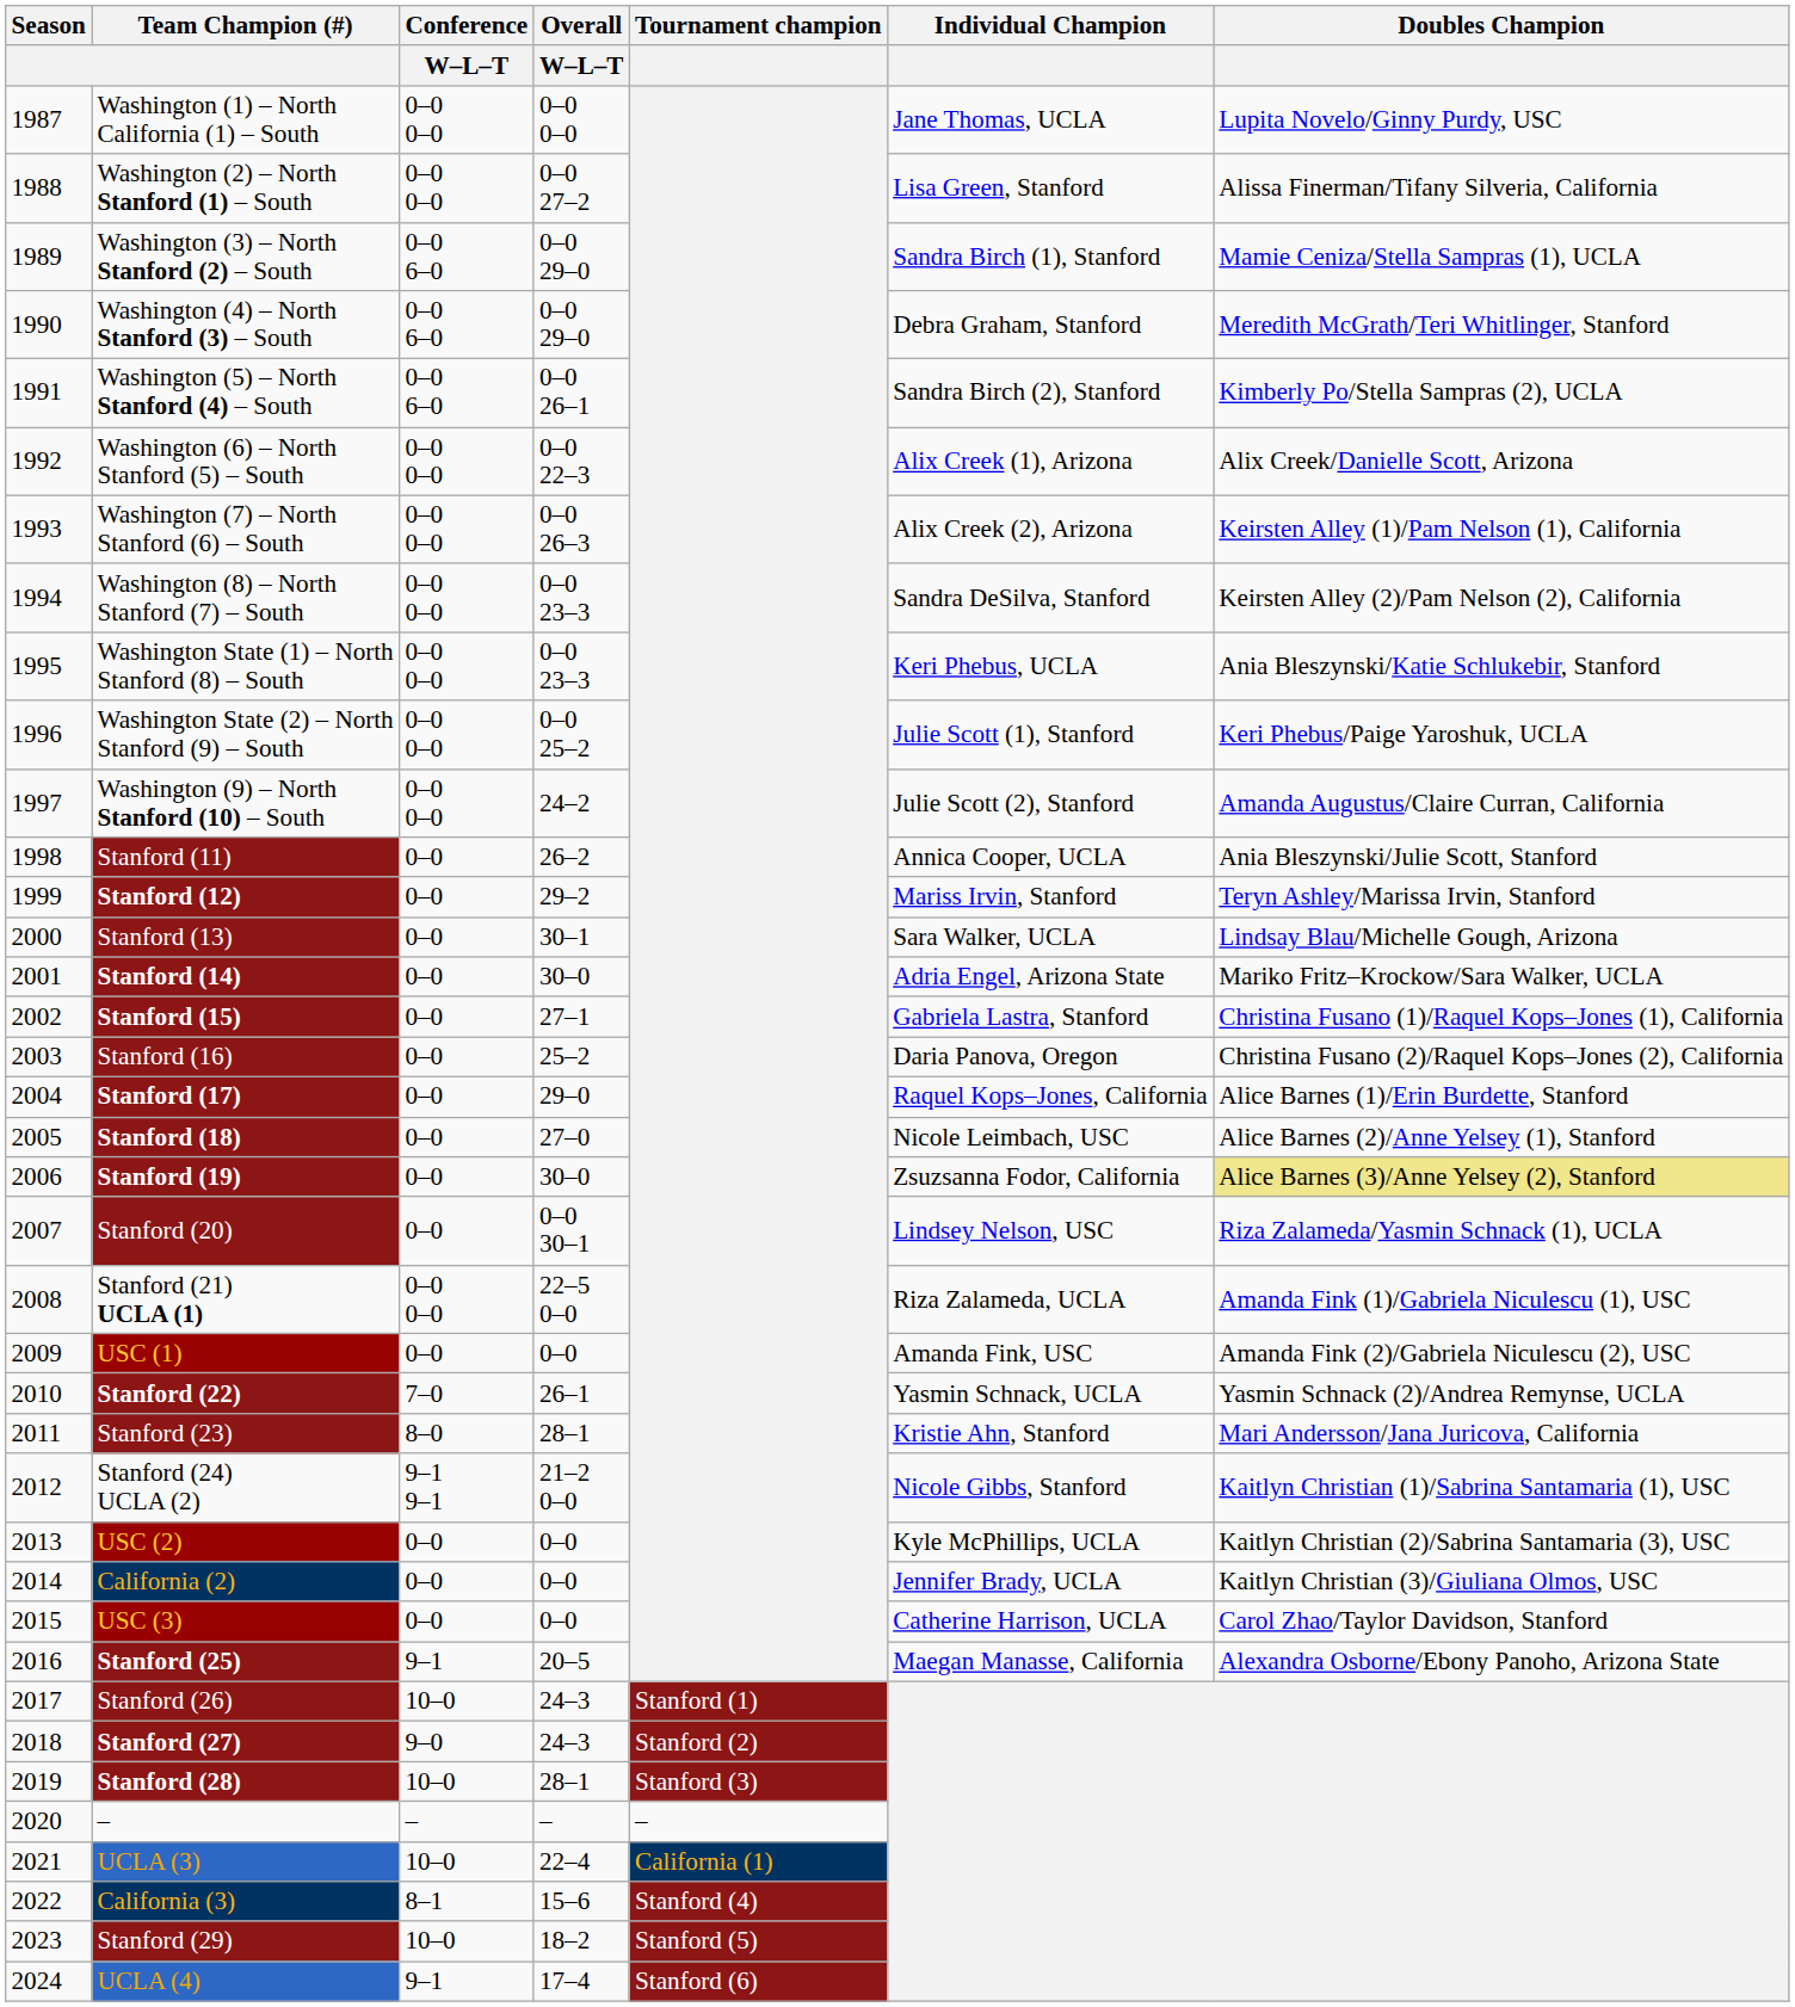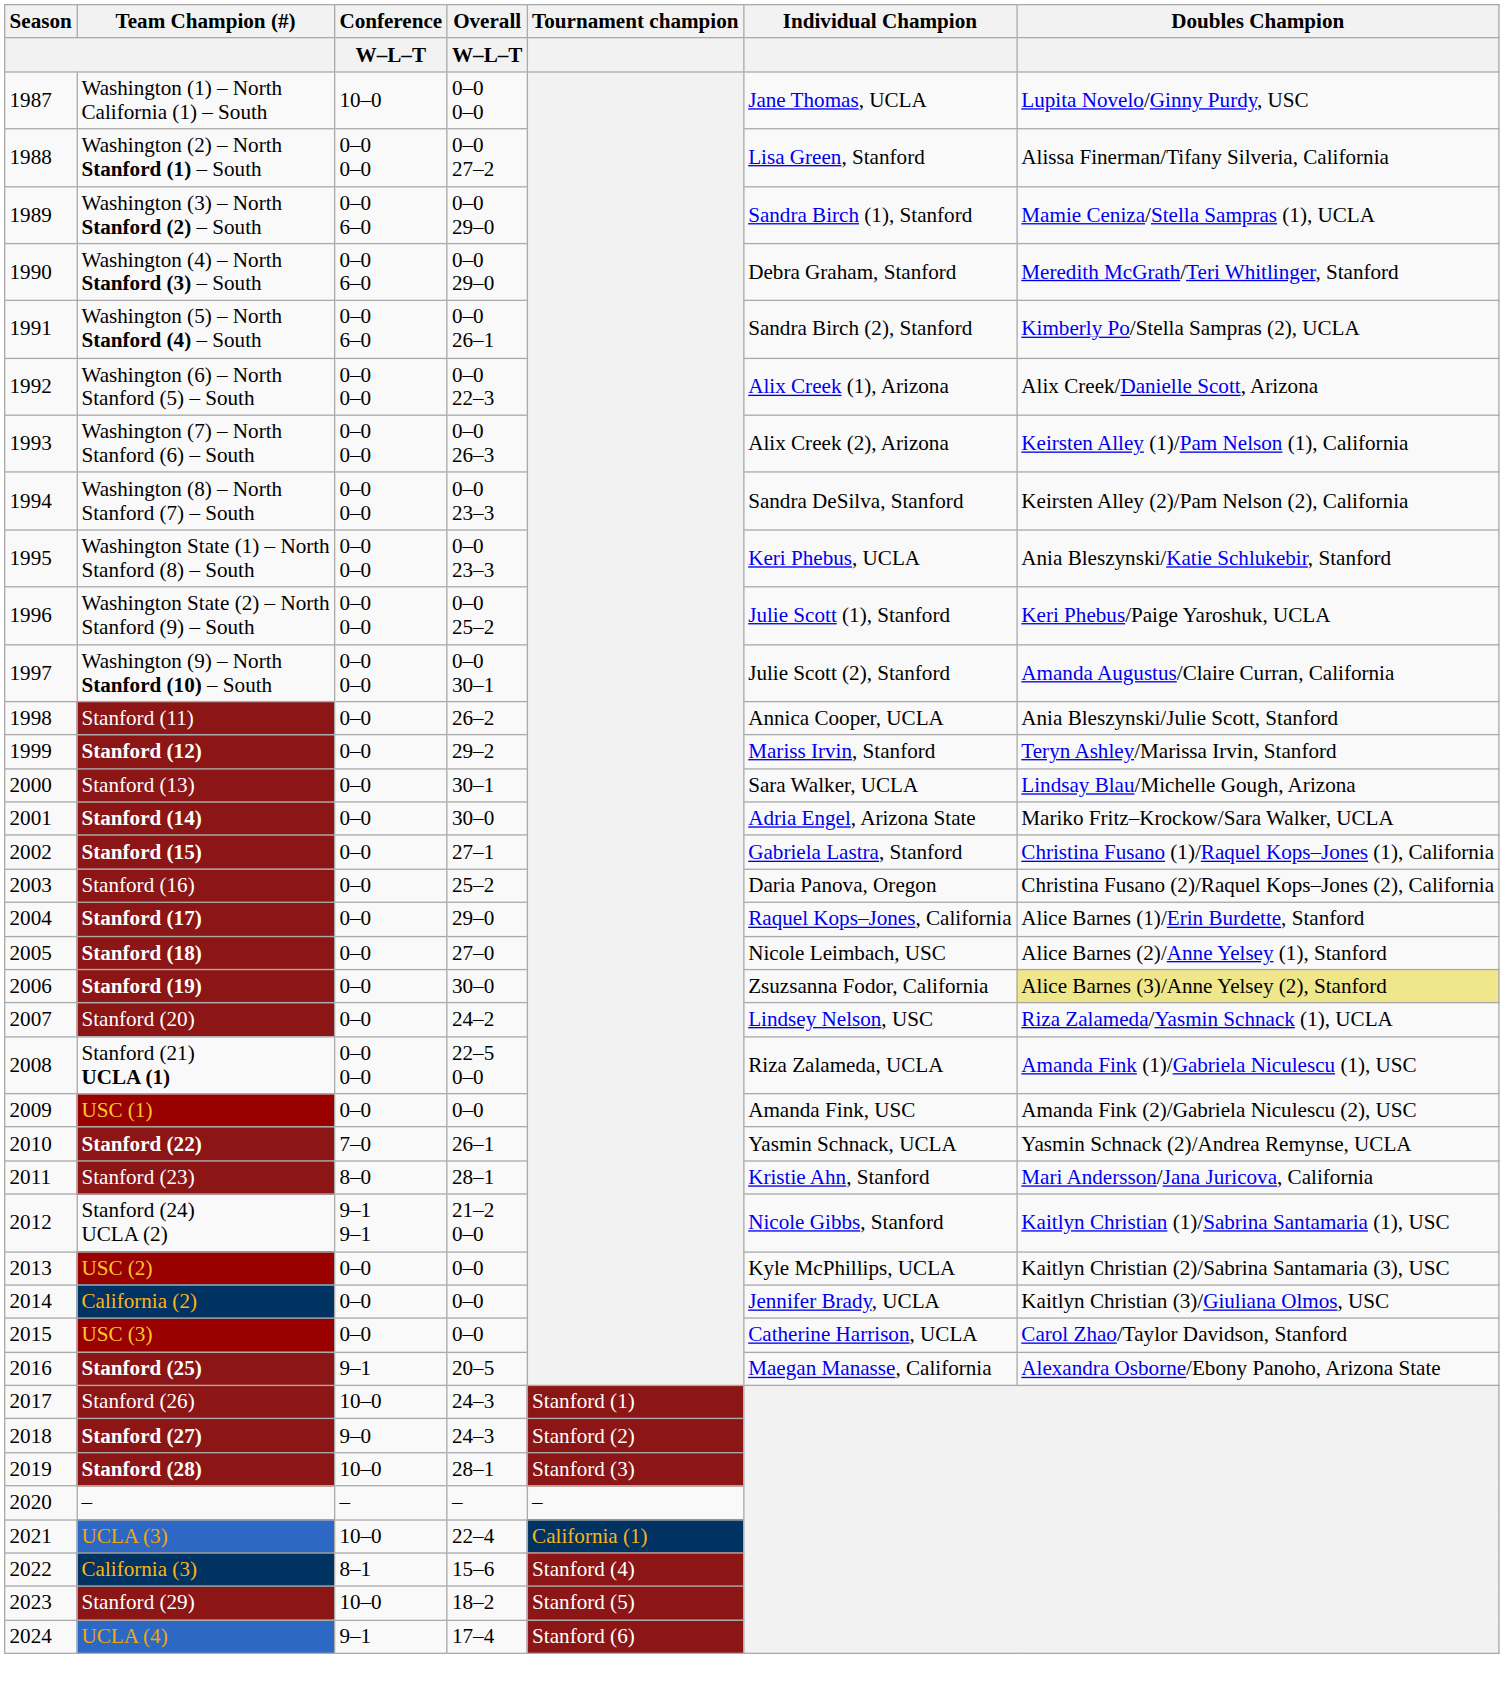 <table class="wikitable">
 <tr>
 <th>Season</th>
 <th>Team Champion (#)</th>
 <th>Conference</th>
 <th>Overall</th>
 <th>Tournament champion</th>
 <th>Individual Champion</th>
 <th>Doubles Champion</th>
 </tr>
 <tr>
 <th colspan="2"></th>
 <th>W–L–T</th>
 <th>W–L–T</th>
 <th></th>
 <th></th>
 <th></th>
 </tr>
 <tr>
 <td>1987</td>
 <td>Washington (1) – North<br>California (1) – South</td>
-<td>0–0<br>0–0</td>
+<td>10–0</td>
 <td>0–0<br>0–0</td>
 <th rowspan="30"></th>
 <td><a href='#'>Jane Thomas</a>, UCLA</td>
 <td><a href='#'>Lupita Novelo</a>/<a href='#'>Ginny Purdy</a>, USC</td>
 </tr>
 <tr>
 <td>1988</td>
 <td>Washington (2) – North<br><strong>Stanford (1)</strong> – South</td>
 <td>0–0<br>0–0</td>
 <td>0–0<br>27–2</td>
 <td><a href='#'>Lisa Green</a>, Stanford</td>
 <td>Alissa Finerman/Tifany Silveria, California</td>
 </tr>
 <tr>
 <td>1989</td>
 <td>Washington (3) – North<br><strong>Stanford (2)</strong> – South</td>
 <td>0–0<br>6–0</td>
 <td>0–0<br>29–0</td>
 <td><a href='#'>Sandra Birch</a> (1), Stanford</td>
 <td><a href='#'>Mamie Ceniza</a>/<a href='#'>Stella Sampras</a> (1), UCLA</td>
 </tr>
 <tr>
 <td>1990</td>
 <td>Washington (4) – North<br><strong>Stanford (3)</strong> – South</td>
 <td>0–0<br>6–0</td>
 <td>0–0<br>29–0</td>
 <td>Debra Graham, Stanford</td>
 <td><a href='#'>Meredith McGrath</a>/<a href='#'>Teri Whitlinger</a>, Stanford</td>
 </tr>
 <tr>
 <td>1991</td>
 <td>Washington (5) – North<br><strong>Stanford (4)</strong> – South</td>
 <td>0–0<br>6–0</td>
 <td>0–0<br>26–1</td>
 <td>Sandra Birch (2), Stanford</td>
 <td><a href='#'>Kimberly Po</a>/Stella Sampras (2), UCLA</td>
 </tr>
 <tr>
 <td>1992</td>
 <td>Washington (6) – North<br>Stanford (5) – South</td>
 <td>0–0<br>0–0</td>
 <td>0–0<br>22–3</td>
 <td><a href='#'>Alix Creek</a> (1), Arizona</td>
 <td>Alix Creek/<a href='#'>Danielle Scott</a>, Arizona</td>
 </tr>
 <tr>
 <td>1993</td>
 <td>Washington (7) – North<br>Stanford (6) – South</td>
 <td>0–0<br>0–0</td>
 <td>0–0<br>26–3</td>
 <td>Alix Creek (2), Arizona</td>
 <td><a href='#'>Keirsten Alley</a> (1)/<a href='#'>Pam Nelson</a> (1), California</td>
 </tr>
 <tr>
 <td>1994</td>
 <td>Washington (8) – North<br>Stanford (7) – South</td>
 <td>0–0<br>0–0</td>
 <td>0–0<br>23–3</td>
 <td>Sandra DeSilva, Stanford</td>
 <td>Keirsten Alley (2)/Pam Nelson (2), California</td>
 </tr>
 <tr>
 <td>1995</td>
 <td>Washington State (1) – North<br>Stanford (8) – South</td>
 <td>0–0<br>0–0</td>
 <td>0–0<br>23–3</td>
 <td><a href='#'>Keri Phebus</a>, UCLA</td>
 <td>Ania Bleszynski/<a href='#'>Katie Schlukebir</a>, Stanford</td>
 </tr>
 <tr>
 <td>1996</td>
 <td>Washington State (2) – North<br>Stanford (9) – South</td>
 <td>0–0<br>0–0</td>
 <td>0–0<br>25–2</td>
 <td><a href='#'>Julie Scott</a> (1), Stanford</td>
 <td><a href='#'>Keri Phebus</a>/Paige Yaroshuk, UCLA</td>
 </tr>
 <tr>
 <td>1997</td>
 <td>Washington (9) – North<br><strong>Stanford (10)</strong> – South</td>
 <td>0–0<br>0–0</td>
-<td>24–2</td>
+<td>0–0<br>30–1</td>
 <td>Julie Scott (2), Stanford</td>
 <td><a href='#'>Amanda Augustus</a>/Claire Curran, California</td>
 </tr>
 <tr>
 <td>1998</td>
 <td style="background:#8C1515; color:#FFFFFF;">Stanford (11)</td>
 <td>0–0</td>
 <td>26–2</td>
 <td>Annica Cooper, UCLA</td>
 <td>Ania Bleszynski/Julie Scott, Stanford</td>
 </tr>
 <tr>
 <td>1999</td>
 <td style="background:#8C1515; color:#FFFFFF;"><strong>Stanford (12)</strong></td>
 <td>0–0</td>
 <td>29–2</td>
 <td><a href='#'>Mariss Irvin</a>, Stanford</td>
 <td><a href='#'>Teryn Ashley</a>/Marissa Irvin, Stanford</td>
 </tr>
 <tr>
 <td>2000</td>
 <td style="background:#8C1515; color:#FFFFFF;">Stanford (13)</td>
 <td>0–0</td>
 <td>30–1</td>
 <td>Sara Walker, UCLA</td>
 <td><a href='#'>Lindsay Blau</a>/Michelle Gough, Arizona</td>
 </tr>
 <tr>
 <td>2001</td>
 <td style="background:#8C1515; color:#FFFFFF;"><strong>Stanford (14)</strong></td>
 <td>0–0</td>
 <td>30–0</td>
 <td><a href='#'>Adria Engel</a>, Arizona State</td>
 <td>Mariko Fritz–Krockow/Sara Walker, UCLA</td>
 </tr>
 <tr>
 <td>2002</td>
 <td style="background:#8C1515; color:#FFFFFF;"><strong>Stanford (15)</strong></td>
 <td>0–0</td>
 <td>27–1</td>
 <td><a href='#'>Gabriela Lastra</a>, Stanford</td>
 <td><a href='#'>Christina Fusano</a> (1)/<a href='#'>Raquel Kops–Jones</a> (1), California</td>
 </tr>
 <tr>
 <td>2003</td>
 <td style="background:#8C1515; color:#FFFFFF;">Stanford (16)</td>
 <td>0–0</td>
 <td>25–2</td>
 <td>Daria Panova, Oregon</td>
 <td>Christina Fusano (2)/Raquel Kops–Jones (2), California</td>
 </tr>
 <tr>
 <td>2004</td>
 <td style="background:#8C1515; color:#FFFFFF;"><strong>Stanford (17)</strong></td>
 <td>0–0</td>
 <td>29–0</td>
 <td><a href='#'>Raquel Kops–Jones</a>, California</td>
 <td>Alice Barnes (1)/<a href='#'>Erin Burdette</a>, Stanford</td>
 </tr>
 <tr>
 <td>2005</td>
 <td style="background:#8C1515; color:#FFFFFF;"><strong>Stanford (18)</strong></td>
 <td>0–0</td>
 <td>27–0</td>
 <td>Nicole Leimbach, USC</td>
 <td>Alice Barnes (2)/<a href='#'>Anne Yelsey</a> (1), Stanford</td>
 </tr>
 <tr>
 <td>2006</td>
 <td style="background:#8C1515; color:#FFFFFF;"><strong>Stanford (19)</strong></td>
 <td>0–0</td>
 <td>30–0</td>
 <td>Zsuzsanna Fodor, California</td>
 <td style="background: khaki;">Alice Barnes (3)/Anne Yelsey (2), Stanford</td>
 </tr>
 <tr>
 <td>2007</td>
 <td style="background:#8C1515; color:#FFFFFF;">Stanford (20)</td>
 <td>0–0</td>
-<td>0–0<br>30–1</td>
+<td>24–2</td>
 <td><a href='#'>Lindsey Nelson</a>, USC</td>
 <td><a href='#'>Riza Zalameda</a>/<a href='#'>Yasmin Schnack</a> (1), UCLA</td>
 </tr>
 <tr>
 <td>2008</td>
 <td>Stanford (21)<br><strong>UCLA (1)</strong></td>
 <td>0–0<br>0–0</td>
 <td>22–5<br>0–0</td>
 <td>Riza Zalameda, UCLA</td>
 <td><a href='#'>Amanda Fink</a> (1)/<a href='#'>Gabriela Niculescu</a> (1), USC</td>
 </tr>
 <tr>
 <td>2009</td>
 <td style="background:#990000; color:#FFC72C;">USC (1)</td>
 <td>0–0</td>
 <td>0–0</td>
 <td>Amanda Fink, USC</td>
 <td>Amanda Fink (2)/Gabriela Niculescu (2), USC</td>
 </tr>
 <tr>
 <td>2010</td>
 <td style="background:#8C1515; color:#FFFFFF;"><strong>Stanford (22)</strong></td>
 <td>7–0</td>
 <td>26–1</td>
 <td>Yasmin Schnack, UCLA</td>
 <td>Yasmin Schnack (2)/Andrea Remynse, UCLA</td>
 </tr>
 <tr>
 <td>2011</td>
 <td style="background:#8C1515; color:#FFFFFF;">Stanford (23)</td>
 <td>8–0</td>
 <td>28–1</td>
 <td><a href='#'>Kristie Ahn</a>, Stanford</td>
 <td><a href='#'>Mari Andersson</a>/<a href='#'>Jana Juricova</a>, California</td>
 </tr>
 <tr>
 <td>2012</td>
 <td>Stanford (24)<br>UCLA (2)</td>
 <td>9–1<br>9–1</td>
 <td>21–2<br>0–0</td>
 <td><a href='#'>Nicole Gibbs</a>, Stanford</td>
 <td><a href='#'>Kaitlyn Christian</a> (1)/<a href='#'>Sabrina Santamaria</a> (1), USC</td>
 </tr>
 <tr>
 <td>2013</td>
 <td style="background:#990000; color:#FFC72C;">USC (2)</td>
 <td>0–0</td>
 <td>0–0</td>
 <td>Kyle McPhillips, UCLA</td>
 <td>Kaitlyn Christian (2)/Sabrina Santamaria (3), USC</td>
 </tr>
 <tr>
 <td>2014</td>
 <td style="background:#003262; color:#FDB515;">California (2)</td>
 <td>0–0</td>
 <td>0–0</td>
 <td><a href='#'>Jennifer Brady</a>, UCLA</td>
 <td>Kaitlyn Christian (3)/<a href='#'>Giuliana Olmos</a>, USC</td>
 </tr>
 <tr>
 <td>2015</td>
 <td style="background:#990000; color:#FFC72C;">USC (3)</td>
 <td>0–0</td>
 <td>0–0</td>
 <td><a href='#'>Catherine Harrison</a>, UCLA</td>
 <td><a href='#'>Carol Zhao</a>/Taylor Davidson, Stanford</td>
 </tr>
 <tr>
 <td>2016</td>
 <td style="background:#8C1515; color:#FFFFFF;"><strong>Stanford (25)</strong></td>
 <td>9–1</td>
 <td>20–5</td>
 <td><a href='#'>Maegan Manasse</a>, California</td>
 <td><a href='#'>Alexandra Osborne</a>/Ebony Panoho, Arizona State</td>
 </tr>
 <tr>
 <td>2017</td>
 <td style="background:#8C1515; color:#FFFFFF;">Stanford (26)</td>
 <td>10–0</td>
 <td>24–3</td>
 <td style="background:#8C1515; color:#FFFFFF;">Stanford (1)</td>
 <th colspan="2" rowspan="8"></th>
 </tr>
 <tr>
 <td>2018</td>
 <td style="background:#8C1515; color:#FFFFFF;"><strong>Stanford (27)</strong></td>
 <td>9–0</td>
 <td>24–3</td>
 <td style="background:#8C1515; color:#FFFFFF;">Stanford (2)</td>
 </tr>
 <tr>
 <td>2019</td>
 <td style="background:#8C1515; color:#FFFFFF;"><strong>Stanford (28)</strong></td>
 <td>10–0</td>
 <td>28–1</td>
 <td style="background:#8C1515; color:#FFFFFF;">Stanford (3)</td>
 </tr>
 <tr>
 <td>2020</td>
 <td>–</td>
 <td>–</td>
 <td>–</td>
 <td>–</td>
 </tr>
 <tr>
 <td>2021</td>
 <td style="background:#2D68C4; color:#F2A900;">UCLA (3)</td>
 <td>10–0</td>
 <td>22–4</td>
 <td style="background:#003262; color:#FDB515;">California (1)</td>
 </tr>
 <tr>
 <td>2022</td>
 <td style="background:#003262; color:#FDB515;">California (3)</td>
 <td>8–1</td>
 <td>15–6</td>
 <td style="background:#8C1515; color:#FFFFFF;">Stanford (4)</td>
 </tr>
 <tr>
 <td>2023</td>
 <td style="background:#8C1515; color:#FFFFFF;">Stanford (29)</td>
 <td>10–0</td>
 <td>18–2</td>
 <td style="background:#8C1515; color:#FFFFFF;">Stanford (5)</td>
 </tr>
 <tr>
 <td>2024</td>
 <td style="background:#2D68C4; color:#F2A900;">UCLA (4)</td>
 <td>9–1</td>
 <td>17–4</td>
 <td style="background:#8C1515; color:#FFFFFF;">Stanford (6)</td>
 </tr>
 </table>
